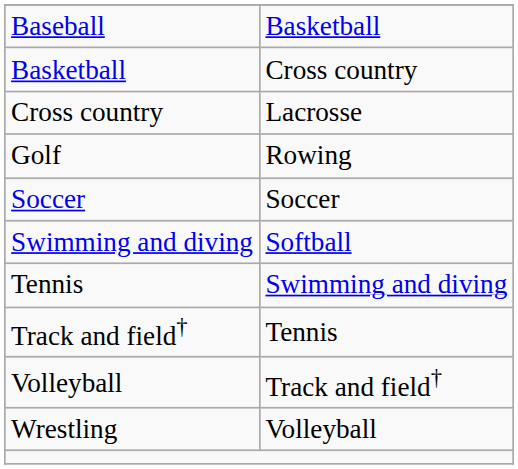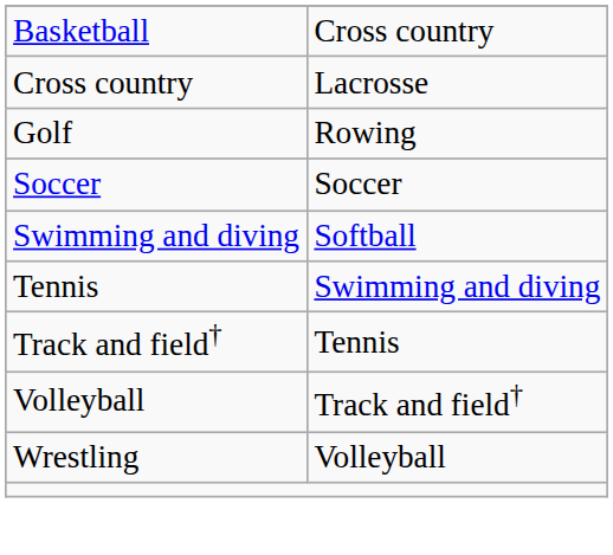 <table class="wikitable" style=" ">
 <tr>
-</tr>
-<tr>
-<td><a href='#'>Baseball</a></td>
-<td><a href='#'>Basketball</a></td>
 </tr>
 <tr>
 <td><a href='#'>Basketball</a></td>
 <td>Cross country</td>
 </tr>
 <tr>
 <td>Cross country</td>
 <td>Lacrosse</td>
 </tr>
 <tr>
 <td>Golf</td>
 <td>Rowing</td>
 </tr>
 <tr>
 <td><a href='#'>Soccer</a></td>
 <td>Soccer</td>
 </tr>
 <tr>
 <td><a href='#'>Swimming and diving</a></td>
 <td><a href='#'>Softball</a></td>
 </tr>
 <tr>
 <td>Tennis</td>
 <td><a href='#'>Swimming and diving</a></td>
 </tr>
 <tr>
 <td>Track and field<sup>†</sup></td>
 <td>Tennis</td>
 </tr>
 <tr>
 <td>Volleyball</td>
 <td>Track and field<sup>†</sup></td>
 </tr>
 <tr>
 <td>Wrestling</td>
 <td>Volleyball</td>
 </tr>
 <tr Ice Hockey ACHA>
 <td colspan="2"></td>
 </tr>
 </table>
